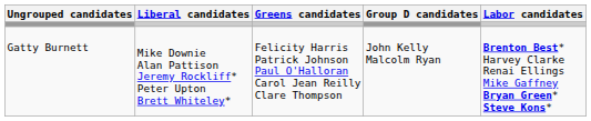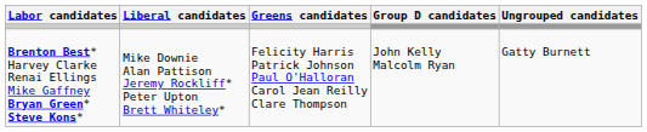 <table class="wikitable">
 <tr>
-<th>Ungrouped candidates</th>
+<th><a href='#'>Labor</a> candidates</th>
 <th><a href='#'>Liberal</a> candidates</th>
 <th><a href='#'>Greens</a> candidates</th>
 <th>Group D candidates</th>
-<th><a href='#'>Labor</a> candidates</th>
+<th>Ungrouped candidates</th>
 </tr>
 <tr bgcolor="#cccccc">
-<td bgcolor="#999999"></td>
+<td></td>
 <td></td>
 <td></td>
 <td bgcolor="#999999"></td>
-<td></td>
+<td bgcolor="#999999"></td>
 </tr>
 <tr>
-<td valign=top><br>Gatty Burnett</td>
+<td><br><strong><a href='#'>Brenton Best</a></strong>*<br> Harvey Clarke<br> Renai Ellings<br> <a href='#'>Mike Gaffney</a><br> <strong><a href='#'>Bryan Green</a></strong>*<br> <strong><a href='#'>Steve Kons</a></strong>*</td>
 <td><br>Mike Downie<br> Alan Pattison<br> <a href='#'>Jeremy Rockliff</a>*<br> Peter Upton<br> <a href='#'>Brett Whiteley</a>*</td>
 <td valign=top><br>Felicity Harris<br> Patrick Johnson<br> <a href='#'>Paul O'Halloran</a><br> Carol Jean Reilly<br> Clare Thompson</td>
 <td valign=top><br>John Kelly<br> Malcolm Ryan</td>
-<td><br><strong><a href='#'>Brenton Best</a></strong>*<br> Harvey Clarke<br> Renai Ellings<br> <a href='#'>Mike Gaffney</a><br> <strong><a href='#'>Bryan Green</a></strong>*<br> <strong><a href='#'>Steve Kons</a></strong>*</td>
+<td valign=top><br>Gatty Burnett</td>
 </tr>
 </table>
